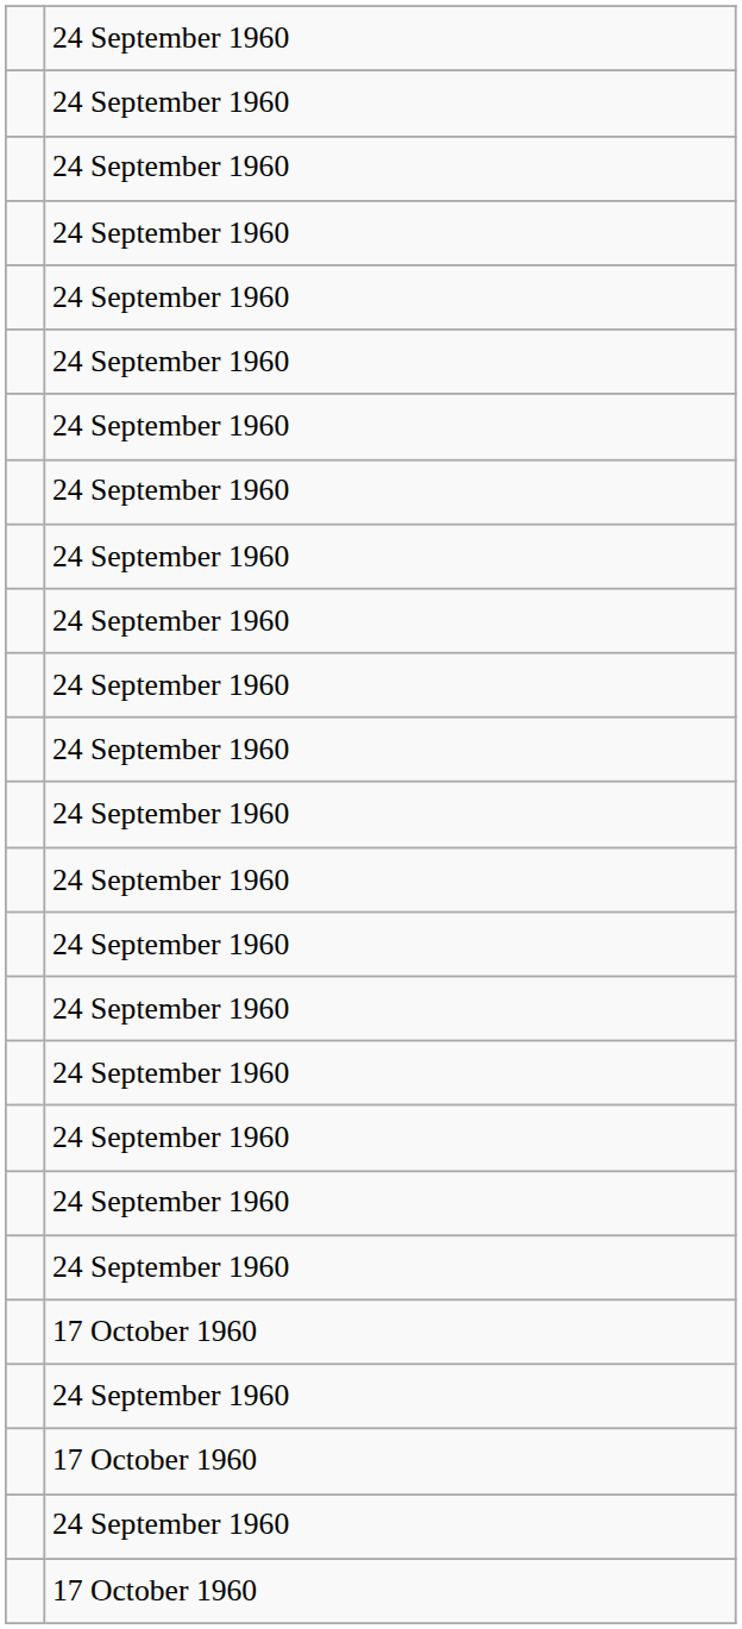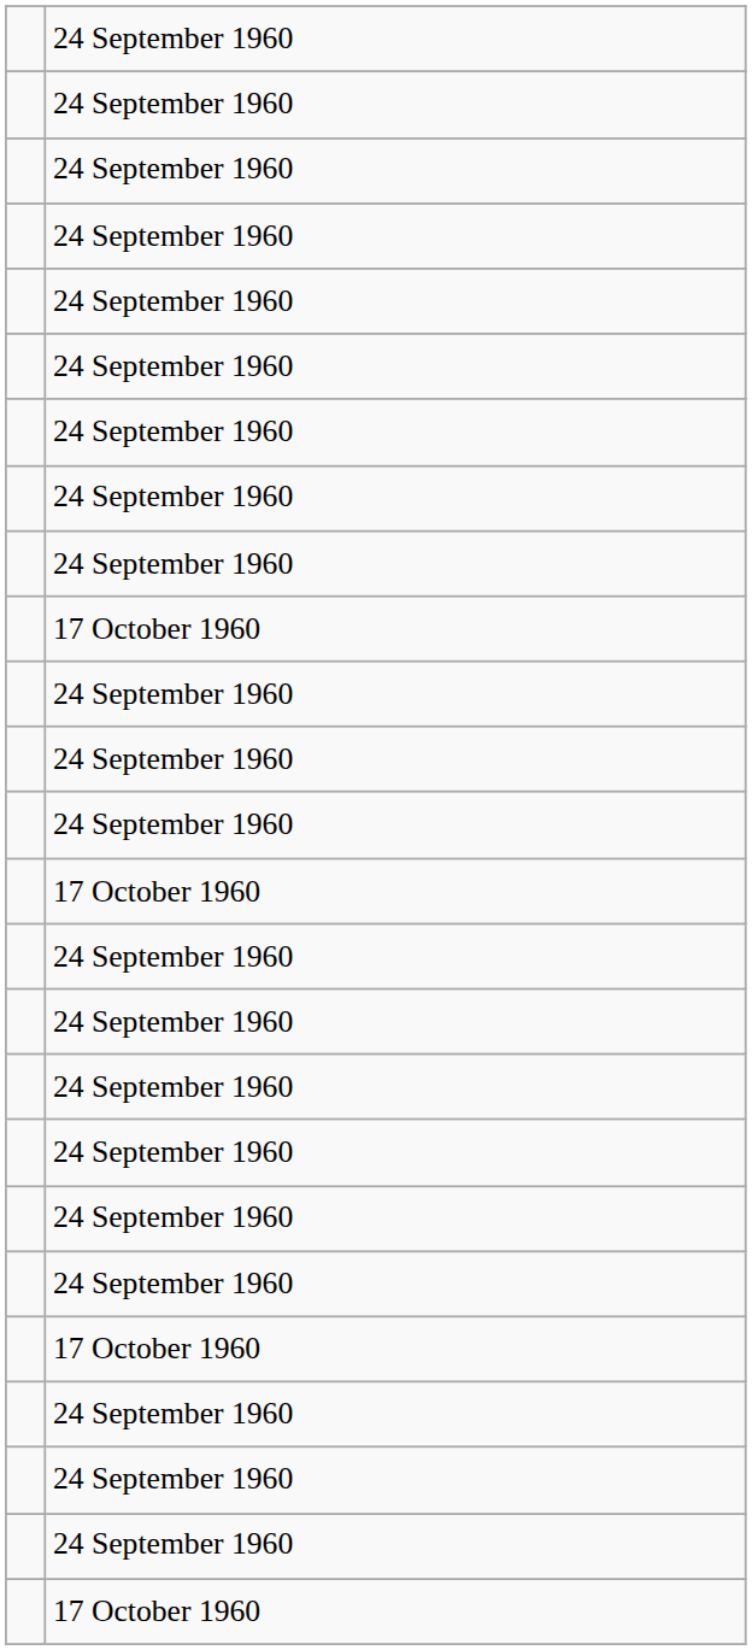 <table class="wikitable" style="font-size: 89%; float: left; width: 24em; margin-right: 1em; line-height: 1.65em">
-<tr>
-<td></td>
-<td>24 September 1960</td>
-</tr>
-<tr>
-<td></td>
-<td>24 September 1960</td>
-</tr>
-<tr>
-<td></td>
-<td>24 September 1960</td>
-</tr>
-<tr>
-<td></td>
-<td>24 September 1960</td>
-</tr>
-<tr>
-<td></td>
-<td>24 September 1960</td>
-</tr>
-<tr>
-<td></td>
-<td>24 September 1960</td>
-</tr>
-<tr>
-<td></td>
-<td>24 September 1960</td>
-</tr>
-<tr>
-<td></td>
-<td>24 September 1960</td>
-</tr>
-<tr>
-<td></td>
-<td>24 September 1960</td>
-</tr>
-<tr>
-<td></td>
-<td>24 September 1960</td>
-</tr>
-<tr>
-<td></td>
-<td>24 September 1960</td>
-</tr>
 <tr>
 <td></td>
 <td>24 September 1960</td>
 </tr>
 <tr>
 <td></td>
 <td>24 September 1960</td>
 </tr>
 <tr>
 <td></td>
 <td>24 September 1960</td>
 </tr>
 <tr>
 <td></td>
 <td>24 September 1960</td>
 </tr>
 <tr>
 <td></td>
 <td>24 September 1960</td>
 </tr>
 <tr>
 <td></td>
 <td>24 September 1960</td>
 </tr>
 <tr>
 <td></td>
 <td>24 September 1960</td>
 </tr>
 <tr>
 <td></td>
 <td>24 September 1960</td>
 </tr>
 <tr>
 <td></td>
 <td>24 September 1960</td>
 </tr>
 <tr>
 <td></td>
 <td>17 October 1960</td>
 </tr>
 <tr>
 <td></td>
 <td>24 September 1960</td>
 </tr>
 <tr>
 <td></td>
+<td>24 September 1960</td>
+</tr>
+<tr>
+<td></td>
+<td>24 September 1960</td>
+</tr>
+<tr>
+<td></td>
 <td>17 October 1960</td>
+</tr>
+<tr>
+<td></td>
+<td>24 September 1960</td>
+</tr>
+<tr>
+<td></td>
+<td>24 September 1960</td>
+</tr>
+<tr>
+<td></td>
+<td>24 September 1960</td>
+</tr>
+<tr>
+<td></td>
+<td>24 September 1960</td>
+</tr>
+<tr>
+<td></td>
+<td>24 September 1960</td>
+</tr>
+<tr>
+<td></td>
+<td>24 September 1960</td>
+</tr>
+<tr>
+<td></td>
+<td>17 October 1960</td>
+</tr>
+<tr>
+<td></td>
+<td>24 September 1960</td>
+</tr>
+<tr>
+<td></td>
+<td>24 September 1960</td>
 </tr>
 <tr>
 <td></td>
 <td>24 September 1960</td>
 </tr>
 <tr>
 <td></td>
 <td>17 October 1960</td>
 </tr>
 </table>
